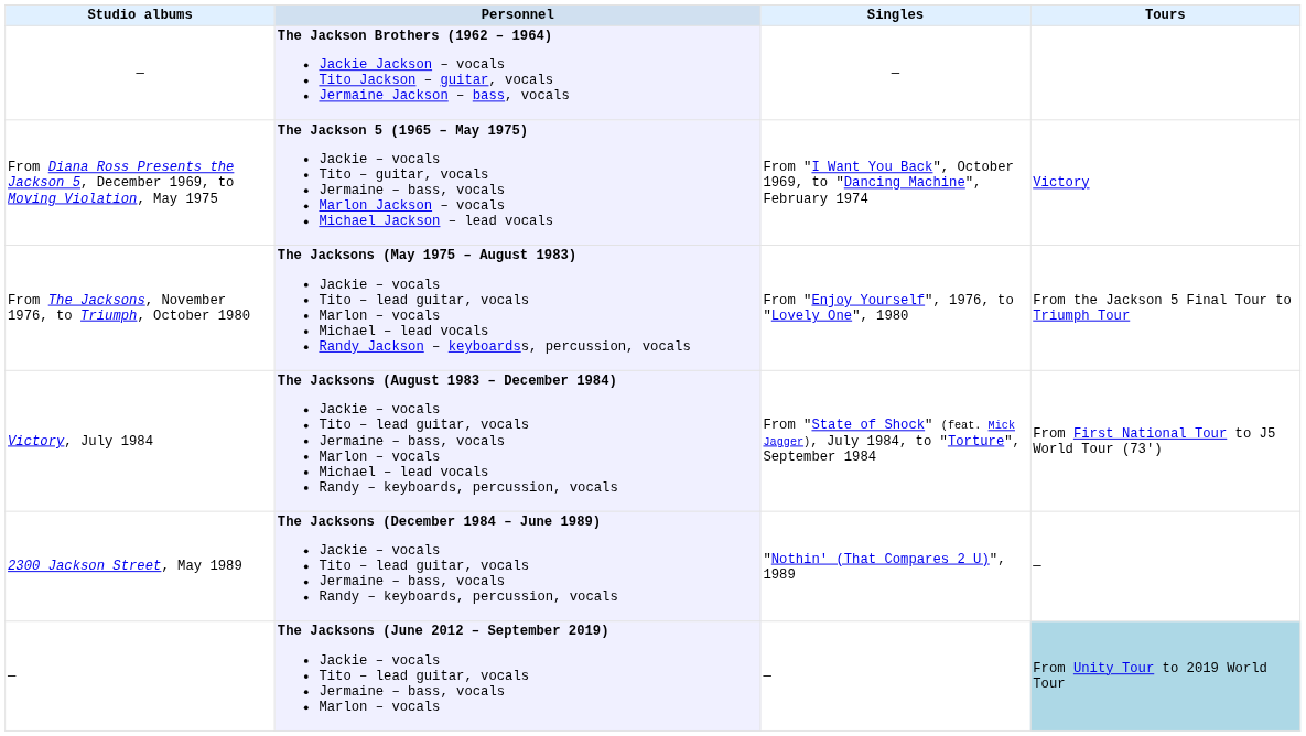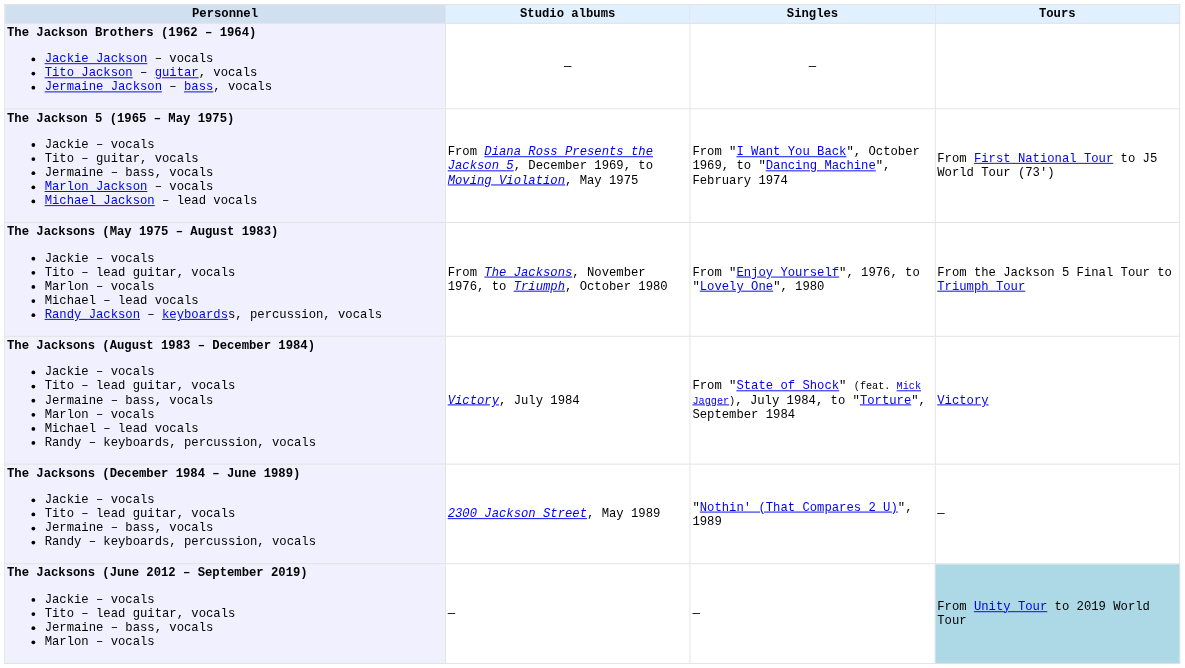 <table class="toccolours" color=#000000 border=1 cellpadding=2 cellspacing=0 style="margin: 0 0 1em 1em; border-collapse: collapse; border: 1px solid #E2E2E2;">
 <tr>
+<th bgcolor="#D0E0F0" width=36%>Personnel</th>
 <th bgcolor="#E0F0FF" width=20%>Studio albums</th>
-<th bgcolor="#D0E0F0" width=36%>Personnel</th>
 <th bgcolor="#E0F0FF" width=20%>Singles</th>
 <th bgcolor="#E0F0FF" width=20%>Tours</th>
 </tr>
 <tr>
+<td align=left bgcolor="#F0F0FF"><strong>The Jackson Brothers (1962 – 1964)</strong><br><ul><li><a href='#'>Jackie Jackson</a> – vocals</li><li><a href='#'>Tito Jackson</a> – <a href='#'>guitar</a>, vocals</li><li><a href='#'>Jermaine Jackson</a> – <a href='#'>bass</a>, vocals</li></ul></td>
 <td align="center">—</td>
-<td align=left bgcolor="#F0F0FF"><strong>The Jackson Brothers (1962 – 1964)</strong><br><ul><li><a href='#'>Jackie Jackson</a> – vocals</li><li><a href='#'>Tito Jackson</a> – <a href='#'>guitar</a>, vocals</li><li><a href='#'>Jermaine Jackson</a> – <a href='#'>bass</a>, vocals</li></ul></td>
 <td align="center">—</td>
 <td></td>
 </tr>
 <tr>
+<td align=left bgcolor="#F0F0FF"><strong>The Jackson 5 (1965 – May 1975)</strong><br><ul><li>Jackie – vocals</li><li>Tito – guitar, vocals</li><li>Jermaine – bass, vocals</li><li><a href='#'>Marlon Jackson</a>  – vocals</li><li><a href='#'>Michael Jackson</a>  – lead vocals</li></ul></td>
 <td>From <em><a href='#'>Diana Ross Presents the Jackson 5</a></em>, December 1969, to <em><a href='#'>Moving Violation</a></em>, May 1975</td>
-<td align=left bgcolor="#F0F0FF"><strong>The Jackson 5 (1965 – May 1975)</strong><br><ul><li>Jackie – vocals</li><li>Tito – guitar, vocals</li><li>Jermaine – bass, vocals</li><li><a href='#'>Marlon Jackson</a>  – vocals</li><li><a href='#'>Michael Jackson</a>  – lead vocals</li></ul></td>
 <td>From "<a href='#'>I Want You Back</a>", October 1969, to "<a href='#'>Dancing Machine</a>", February 1974</td>
-<td><a href='#'>Victory</a></td>
+<td>From <a href='#'>First National Tour</a> to  J5 World Tour (73')</td>
 </tr>
 <tr>
+<td align=left bgcolor="#F0F0FF"><strong>The Jacksons (May 1975 – August 1983)</strong><br><ul><li>Jackie – vocals</li><li>Tito – lead guitar, vocals</li><li>Marlon – vocals</li><li>Michael – lead vocals</li><li><a href='#'>Randy Jackson</a> – <a href='#'>keyboards</a>s, percussion, vocals</li></ul></td>
 <td>From <em><a href='#'>The Jacksons</a></em>, November 1976, to <em><a href='#'>Triumph</a></em>, October 1980</td>
-<td align=left bgcolor="#F0F0FF"><strong>The Jacksons (May 1975 – August 1983)</strong><br><ul><li>Jackie – vocals</li><li>Tito – lead guitar, vocals</li><li>Marlon – vocals</li><li>Michael – lead vocals</li><li><a href='#'>Randy Jackson</a> – <a href='#'>keyboards</a>s, percussion, vocals</li></ul></td>
 <td>From "<a href='#'>Enjoy Yourself</a>", 1976, to "<a href='#'>Lovely One</a>", 1980</td>
 <td>From the Jackson 5 Final Tour to <a href='#'>Triumph Tour</a></td>
 </tr>
 <tr>
+<td align=left bgcolor="#F0F0FF"><strong>The Jacksons (August 1983 – December 1984)</strong><br><ul><li>Jackie – vocals</li><li>Tito – lead guitar, vocals</li><li>Jermaine – bass, vocals</li><li>Marlon – vocals</li><li>Michael – lead vocals</li><li>Randy – keyboards, percussion, vocals</li></ul></td>
 <td><em><a href='#'>Victory</a></em>, July 1984</td>
-<td align=left bgcolor="#F0F0FF"><strong>The Jacksons (August 1983 – December 1984)</strong><br><ul><li>Jackie – vocals</li><li>Tito – lead guitar, vocals</li><li>Jermaine – bass, vocals</li><li>Marlon – vocals</li><li>Michael – lead vocals</li><li>Randy – keyboards, percussion, vocals</li></ul></td>
 <td>From "<a href='#'>State of Shock</a>" <small>(feat. <a href='#'>Mick Jagger</a>)</small>, July 1984, to "<a href='#'>Torture</a>", September 1984</td>
-<td>From <a href='#'>First National Tour</a> to  J5 World Tour (73')</td>
+<td><a href='#'>Victory</a></td>
 </tr>
 <tr>
+<td align=left bgcolor="#F0F0FF"><strong>The Jacksons (December 1984 – June 1989)</strong><br><ul><li>Jackie – vocals</li><li>Tito – lead guitar, vocals</li><li>Jermaine – bass, vocals</li><li>Randy – keyboards, percussion, vocals</li></ul></td>
 <td><em><a href='#'>2300 Jackson Street</a></em>, May 1989</td>
-<td align=left bgcolor="#F0F0FF"><strong>The Jacksons (December 1984 – June 1989)</strong><br><ul><li>Jackie – vocals</li><li>Tito – lead guitar, vocals</li><li>Jermaine – bass, vocals</li><li>Randy – keyboards, percussion, vocals</li></ul></td>
 <td>"<a href='#'>Nothin' (That Compares 2 U)</a>", 1989</td>
 <td>—</td>
 </tr>
 <tr>
+<td align=left bgcolor="#F0F0FF"><strong>The Jacksons (June 2012 – September 2019)</strong><br><ul><li>Jackie – vocals</li><li>Tito – lead guitar, vocals</li><li>Jermaine – bass, vocals</li><li>Marlon – vocals</li></ul></td>
 <td>—</td>
-<td align=left bgcolor="#F0F0FF"><strong>The Jacksons (June 2012 – September 2019)</strong><br><ul><li>Jackie – vocals</li><li>Tito – lead guitar, vocals</li><li>Jermaine – bass, vocals</li><li>Marlon – vocals</li></ul></td>
 <td>—</td>
 <td style="background: lightblue;">From <a href='#'>Unity Tour</a> to 2019 World Tour</td>
 </tr>
 </table>
